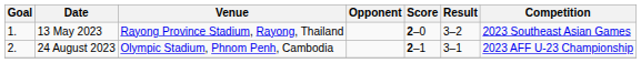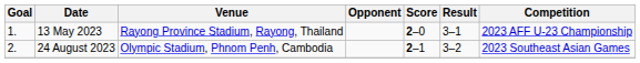 <table class="wikitable">
 <tr>
 <th>Goal</th>
 <th>Date</th>
 <th>Venue</th>
 <th>Opponent</th>
 <th>Score</th>
 <th>Result</th>
 <th>Competition</th>
 </tr>
 <tr>
 <td>1.</td>
 <td>13 May 2023</td>
 <td><a href='#'>Rayong Province Stadium</a>, <a href='#'>Rayong</a>, Thailand</td>
 <td></td>
 <td><strong>2</strong>–0</td>
-<td>3–2</td>
-<td><a href='#'>2023 Southeast Asian Games</a></td>
+<td>3–1</td>
+<td><a href='#'>2023 AFF U-23 Championship</a></td>
 </tr>
 <tr>
 <td>2.</td>
 <td>24 August 2023</td>
 <td><a href='#'>Olympic Stadium</a>, <a href='#'>Phnom Penh</a>, Cambodia</td>
 <td></td>
 <td><strong>2</strong>–1</td>
-<td>3–1</td>
-<td><a href='#'>2023 AFF U-23 Championship</a></td>
+<td>3–2</td>
+<td><a href='#'>2023 Southeast Asian Games</a></td>
 </tr>
 <tr>
 </tr>
 </table>
